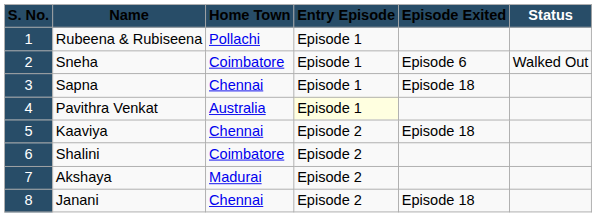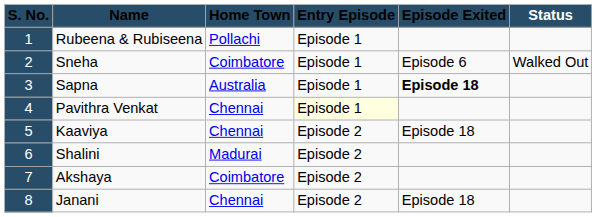 <table class="wikitable" style="align:center;">
 <tr>
 <th scope="col" style="background:#284D68;"style="background:#284D68;color:white">S. No.</th>
 <th scope="col" style="background:#284D68;"style="background:#284D68;color:white">Name</th>
 <th scope="col" style="background:#284D68;"style="background:#284D68;color:white">Home Town</th>
 <th scope="col" style="background:#284D68;"style="background:#284D68;color:white">Entry Episode</th>
 <th scope="col" style="background:#284D68;"style="background:#284D68;color:white">Episode Exited</th>
 <th scope="col" style="background:#284D68;color:white">Status</th>
 </tr>
 <tr>
 <td style="text-align:center;background:#284D68;color:white">1</td>
 <td>Rubeena & Rubiseena</td>
 <td><a href='#'>Pollachi</a></td>
 <td>Episode 1</td>
 <td></td>
 </tr>
 <tr>
 <td style="text-align:center;background:#284D68;color:white">2</td>
 <td>Sneha</td>
 <td><a href='#'>Coimbatore</a></td>
 <td>Episode 1</td>
 <td>Episode 6</td>
 <td>Walked Out</td>
 </tr>
 <tr>
 <td style="text-align:center;background:#284D68;color:white">3</td>
 <td>Sapna</td>
-<td><a href='#'>Chennai</a></td>
+<td><a href='#'>Australia</a></td>
 <td>Episode 1</td>
-<td>Episode 18</td>
+<td><strong>Episode 18</strong></td>
 <td></td>
 </tr>
 <tr>
 <td style="text-align:center;background:#284D68;color:white">4</td>
 <td>Pavithra Venkat</td>
-<td><a href='#'>Australia</a></td>
+<td><a href='#'>Chennai</a></td>
 <td style="background: lightyellow;">Episode 1</td>
 <td></td>
 <td></td>
 </tr>
 <tr>
 <td style="text-align:center;background:#284D68;color:white">5</td>
 <td>Kaaviya</td>
 <td><a href='#'>Chennai</a></td>
 <td>Episode 2</td>
 <td>Episode 18</td>
 <td></td>
 </tr>
 <tr>
 <td style="text-align:center;background:#284D68;color:white">6</td>
 <td>Shalini</td>
-<td><a href='#'>Coimbatore</a></td>
+<td><a href='#'>Madurai</a></td>
 <td>Episode 2</td>
 <td></td>
 <td></td>
 </tr>
 <tr>
 <td style="text-align:center;background:#284D68;color:white">7</td>
 <td>Akshaya</td>
-<td><a href='#'>Madurai</a></td>
+<td><a href='#'>Coimbatore</a></td>
 <td>Episode 2</td>
 <td></td>
 <td></td>
 </tr>
 <tr>
 <td style="text-align:center;background:#284D68;color:white">8</td>
 <td>Janani</td>
 <td><a href='#'>Chennai</a></td>
 <td>Episode 2</td>
 <td>Episode 18</td>
 <td></td>
 </tr>
 </table>
